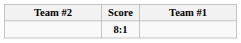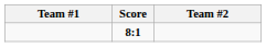 <table class="wikitable" style="text-align:center;">
 <tr>
+<th width=140>Team #1</th>
+<th width=50>Score</th>
 <th width=140>Team #2</th>
-<th width=50>Score</th>
-<th width=140>Team #1</th>
 </tr>
 <tr>
+<td style="text-align:right;"></td>
+<td><strong>8:1</strong></td>
 <td style="text-align:left;"></td>
-<td><strong>8:1</strong></td>
-<td style="text-align:right;"></td>
 </tr>
 </table>
